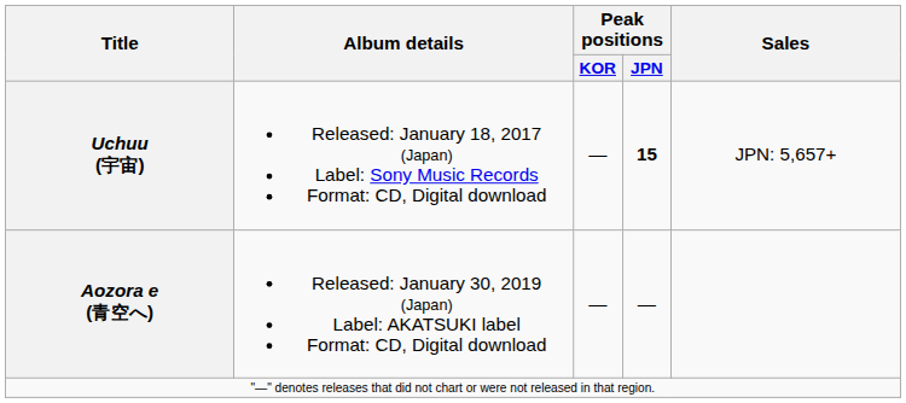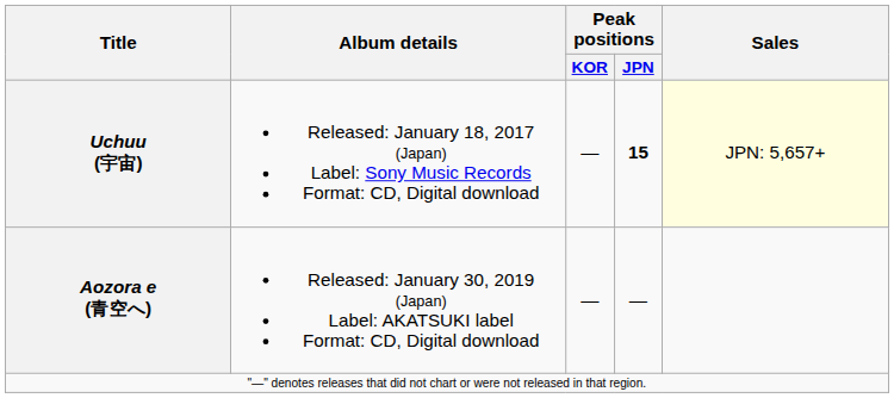 <table class="wikitable plainrowheaders" style="text-align:center;">
 <tr>
 <th rowspan="2" style="width:12em;">Title</th>
 <th rowspan="2" style="width:18em;">Album details</th>
 <th colspan="2">Peak positions</th>
 <th rowspan="2" style="width:12em;">Sales</th>
 </tr>
 <tr>
 <th scope="col" style="width:2.5em;font-size:90%;"><a href='#'>KOR</a></th>
 <th scope="col" style="width:2.5em;font-size:90%;"><a href='#'>JPN</a></th>
 </tr>
 <tr>
 <th scope="row"><em>Uchuu</em><br> (宇宙)</th>
 <td><br><ul><li>Released: January 18, 2017 <small>(Japan)</small></li><li>Label: <a href='#'>Sony Music Records</a></li><li>Format: CD, Digital download</li></ul></td>
 <td>—</td>
 <td><strong>15</strong></td>
-<td>JPN: 5,657+</td>
+<td style="background: lightyellow;">JPN: 5,657+</td>
 </tr>
 <tr>
 <th scope="row"><em>Aozora e</em><br> (青空へ)</th>
 <td><br><ul><li>Released: January 30, 2019 <small>(Japan)</small></li><li>Label: AKATSUKI label</li><li>Format: CD, Digital download</li></ul></td>
 <td>—</td>
 <td>—</td>
 <td></td>
 </tr>
 <tr>
 <td colspan="15" style="text-align:center; font-size:8pt;">"—" denotes releases that did not chart or were not released in that region.</td>
 </tr>
 </table>
